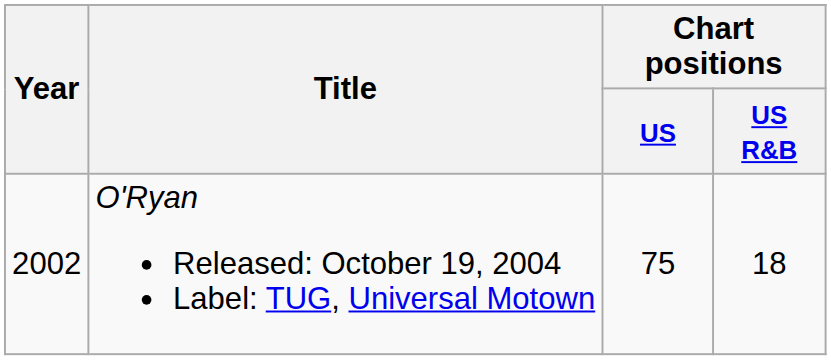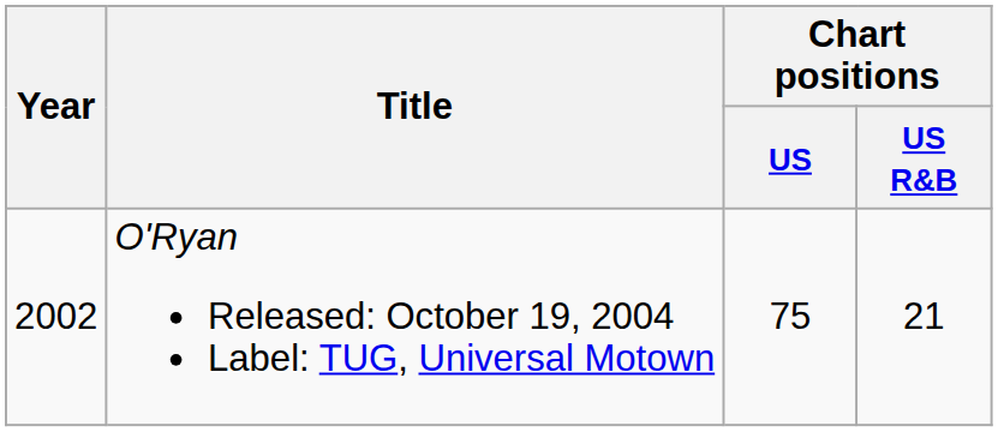 <table class="wikitable">
 <tr>
 <th rowspan="2">Year</th>
 <th rowspan="2">Title</th>
 <th colspan="2">Chart positions</th>
 </tr>
 <tr>
 <th width="50"><small><a href='#'>US</a></small></th>
 <th width="50"><small><a href='#'>US R&B</a></small></th>
 </tr>
 <tr>
 <td>2002</td>
 <td><em>O'Ryan</em><br><ul><li>Released: October 19, 2004</li><li>Label: <a href='#'>TUG</a>, <a href='#'>Universal Motown</a></li></ul></td>
 <td align="center">75</td>
-<td align="center">18</td>
+<td align="center">21</td>
 </tr>
 </table>
